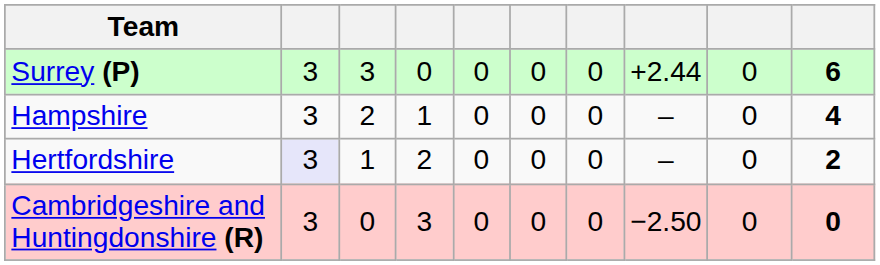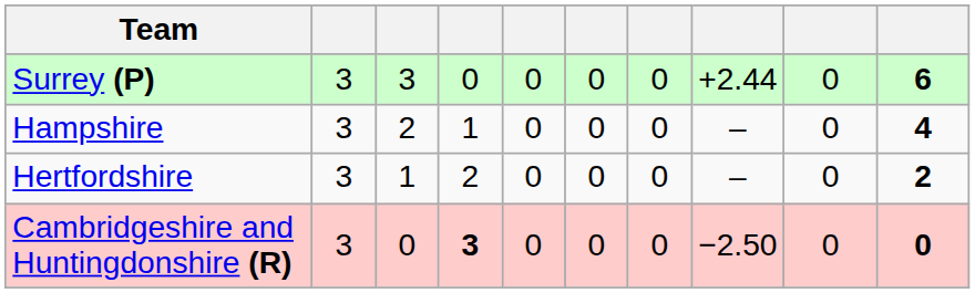 <table class="wikitable" style="text-align:center">
 <tr>
 <th width="150">Team</th>
 <th width="25"></th>
 <th width="25"></th>
 <th width="25"></th>
 <th width="25"></th>
 <th width="25"></th>
 <th width="25"></th>
 <th width="40"></th>
 <th width="40"></th>
 <th width="40"></th>
 </tr>
 <tr style="background:#cfc">
 <td style="text-align:left"><a href='#'>Surrey</a> <strong>(P)</strong></td>
 <td>3</td>
 <td>3</td>
 <td>0</td>
 <td>0</td>
 <td>0</td>
 <td>0</td>
 <td>+2.44</td>
 <td>0</td>
 <td><strong>6</strong></td>
 </tr>
 <tr>
 <td style="text-align:left"><a href='#'>Hampshire</a></td>
 <td>3</td>
 <td>2</td>
 <td>1</td>
 <td>0</td>
 <td>0</td>
 <td>0</td>
 <td>–</td>
 <td>0</td>
 <td><strong>4</strong></td>
 </tr>
 <tr>
 <td style="text-align:left"><a href='#'>Hertfordshire</a></td>
-<td style="background: lavender;">3</td>
+<td>3</td>
 <td>1</td>
 <td>2</td>
 <td>0</td>
 <td>0</td>
 <td>0</td>
 <td>–</td>
 <td>0</td>
 <td><strong>2</strong></td>
 </tr>
 <tr style="background:#ffcccc">
 <td style="text-align:left"><a href='#'>Cambridgeshire and Huntingdonshire</a> <strong>(R)</strong></td>
 <td>3</td>
 <td>0</td>
-<td>3</td>
+<td><strong>3</strong></td>
 <td>0</td>
 <td>0</td>
 <td>0</td>
 <td>−2.50</td>
 <td>0</td>
 <td><strong>0</strong></td>
 </tr>
 </table>
